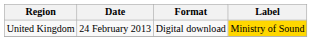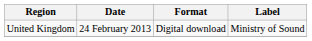 <table class=wikitable>
 <tr>
 <th>Region</th>
 <th>Date</th>
 <th>Format</th>
 <th>Label</th>
 </tr>
 <tr>
 <td>United Kingdom</td>
 <td>24 February 2013</td>
 <td>Digital download</td>
-<td style="background: gold;">Ministry of Sound</td>
+<td>Ministry of Sound</td>
 </tr>
 <tr>
 </tr>
 </table>
